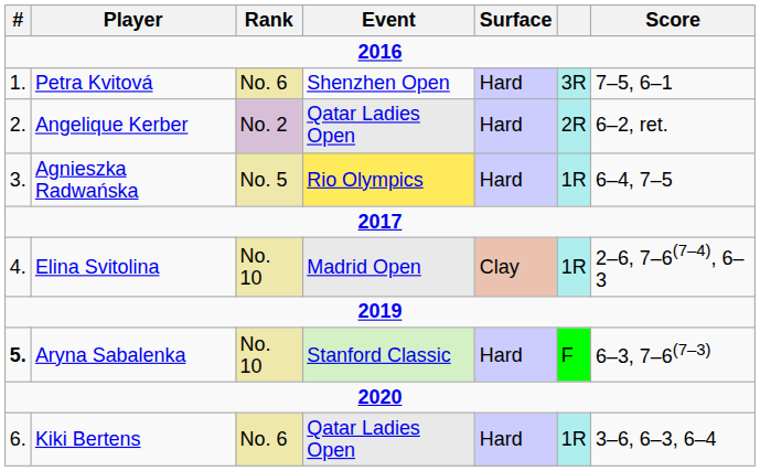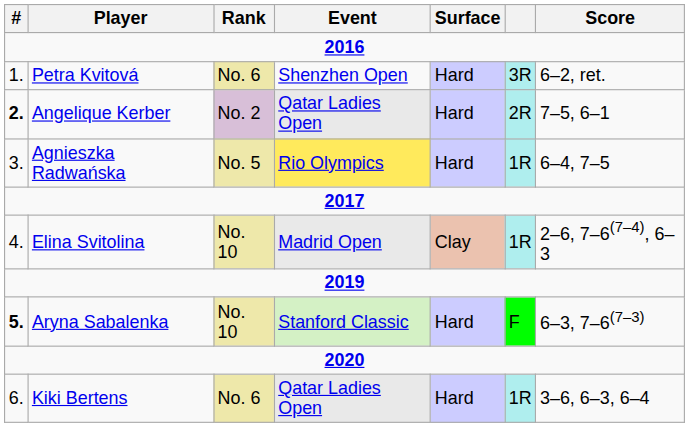 <table class="wikitable sortable">
 <tr>
 <th>#</th>
 <th>Player</th>
 <th>Rank</th>
 <th>Event</th>
 <th>Surface</th>
 <th></th>
 <th class="unsortable">Score</th>
 </tr>
 <tr>
 <td colspan="7" style="text-align:center;"><a href='#'><strong>2016</strong></a></td>
 </tr>
 <tr>
 <td>1.</td>
 <td> <a href='#'>Petra Kvitová</a></td>
 <td bgcolor="EEE8AA">No. 6</td>
 <td><a href='#'>Shenzhen Open</a></td>
 <td style="background:#ccf;">Hard</td>
 <td bgcolor="afeeee">3R</td>
-<td>7–5, 6–1</td>
+<td>6–2, ret.</td>
 </tr>
 <tr>
-<td>2.</td>
+<td><strong>2.</strong></td>
 <td> <a href='#'>Angelique Kerber</a></td>
 <td style="background:thistle;">No. 2</td>
 <td bgcolor="E9E9E9"><a href='#'>Qatar Ladies Open</a></td>
 <td style="background:#ccf;">Hard</td>
 <td bgcolor="afeeee">2R</td>
-<td>6–2, ret.</td>
+<td>7–5, 6–1</td>
 </tr>
 <tr>
 <td>3.</td>
 <td> <a href='#'>Agnieszka Radwańska</a></td>
 <td bgcolor="EEE8AA">No. 5</td>
 <td bgcolor="FFEA5C"><a href='#'>Rio Olympics</a></td>
 <td style="background:#ccf;">Hard</td>
 <td bgcolor="afeeee">1R</td>
 <td>6–4, 7–5</td>
 </tr>
 <tr>
 <td colspan="7" style="text-align:center;"><a href='#'><strong>2017</strong></a></td>
 </tr>
 <tr>
 <td>4.</td>
 <td> <a href='#'>Elina Svitolina</a></td>
 <td bgcolor="EEE8AA">No. 10</td>
 <td bgcolor="E9E9E9"><a href='#'>Madrid Open</a></td>
 <td bgcolor="EBC2AF">Clay</td>
 <td bgcolor="afeeee">1R</td>
 <td>2–6, 7–6<sup>(7–4)</sup>, 6–3</td>
 </tr>
 <tr>
 <td colspan="7" style="text-align:center;"><a href='#'><strong>2019</strong></a></td>
 </tr>
 <tr>
 <td><strong>5.</strong></td>
 <td> <a href='#'>Aryna Sabalenka</a></td>
 <td bgcolor="EEE8AA">No. 10</td>
 <td bgcolor="d4f1c5"><a href='#'>Stanford Classic</a></td>
 <td style="background:#ccf;">Hard</td>
 <td bgcolor="lime">F</td>
 <td>6–3, 7–6<sup>(7–3)</sup></td>
 </tr>
 <tr>
 <td colspan="7" style="text-align:center;"><a href='#'><strong>2020</strong></a></td>
 </tr>
 <tr>
 <td>6.</td>
 <td> <a href='#'>Kiki Bertens</a></td>
 <td bgcolor="EEE8AA">No. 6</td>
 <td bgcolor="E9E9E9"><a href='#'>Qatar Ladies Open</a></td>
 <td style="background:#ccf;">Hard</td>
 <td bgcolor="afeeee">1R</td>
 <td>3–6, 6–3, 6–4</td>
 </tr>
 </table>
